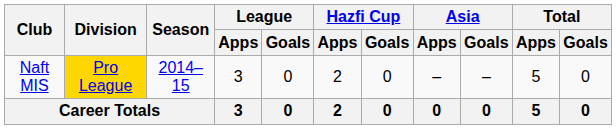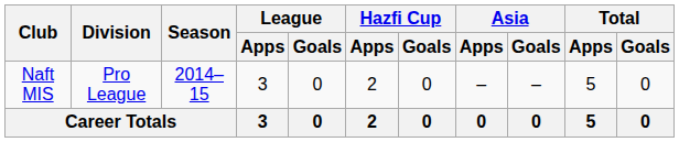 <table class="wikitable" style="text-align: center;">
 <tr>
 <th rowspan="2">Club</th>
 <th rowspan="2">Division</th>
 <th rowspan="2">Season</th>
 <th colspan="2">League</th>
 <th colspan="2"><a href='#'>Hazfi Cup</a></th>
 <th colspan="2"><a href='#'>Asia</a></th>
 <th colspan="2">Total</th>
 </tr>
 <tr>
 <th>Apps</th>
 <th>Goals</th>
 <th>Apps</th>
 <th>Goals</th>
 <th>Apps</th>
 <th>Goals</th>
 <th>Apps</th>
 <th>Goals</th>
 </tr>
 <tr>
 <td><a href='#'>Naft MIS</a></td>
-<td style="background: gold;"><a href='#'>Pro League</a></td>
+<td><a href='#'>Pro League</a></td>
 <td><a href='#'>2014–15</a></td>
 <td>3</td>
 <td>0</td>
 <td>2</td>
 <td>0</td>
 <td>–</td>
 <td>–</td>
 <td>5</td>
 <td>0</td>
 </tr>
 <tr>
 <th colspan=3>Career Totals</th>
 <th>3</th>
 <th>0</th>
 <th>2</th>
 <th>0</th>
 <th>0</th>
 <th>0</th>
 <th>5</th>
 <th>0</th>
 </tr>
 </table>
